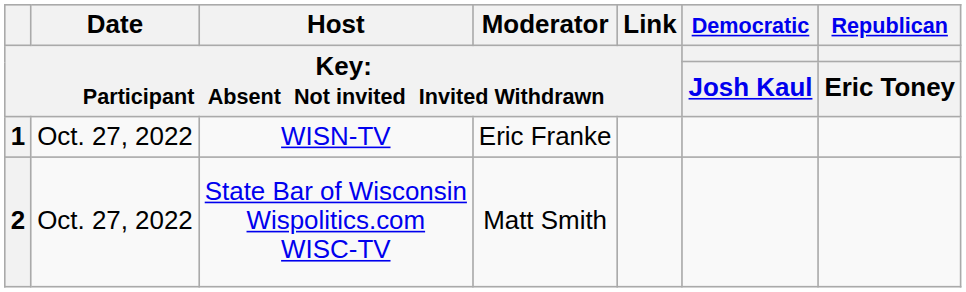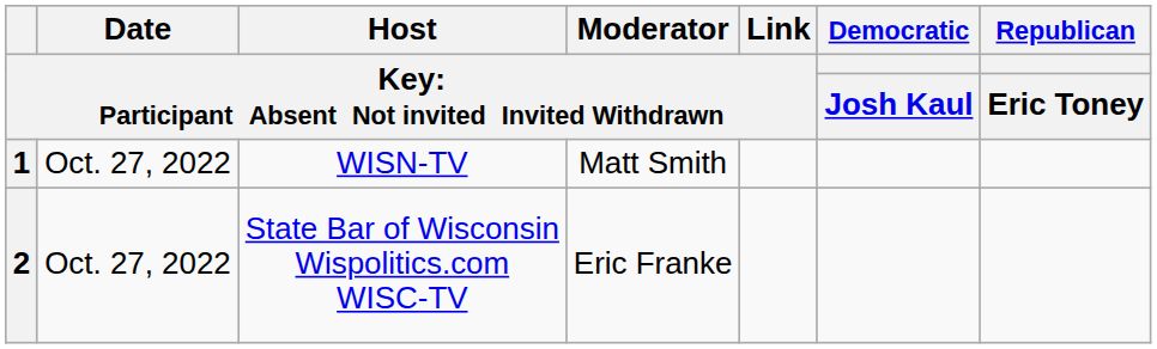 <table class="wikitable" style="text-align:center;">
 <tr>
 <th scope="col"></th>
 <th scope="col">Date</th>
 <th scope="col">Host</th>
 <th scope="col">Moderator</th>
 <th scope="col">Link</th>
 <th scope="col"><small><a href='#'>Democratic</a></small></th>
 <th scope="col"><small><a href='#'>Republican</a></small></th>
 </tr>
 <tr>
 <th colspan="5" rowspan="2">Key:<br> <small>Participant </small>  <small>Absent </small>  <small>Not invited </small>  <small>Invited  Withdrawn</small></th>
 <th scope="col" style="background:"></th>
 <th scope="col" style="background:"></th>
 </tr>
 <tr>
 <th scope="col"><a href='#'>Josh Kaul</a></th>
 <th scope="col">Eric Toney</th>
 </tr>
 <tr>
 <th>1</th>
 <td style="white-space:nowrap;">Oct. 27, 2022</td>
 <td style="white-space:nowrap;"><a href='#'>WISN-TV</a></td>
-<td style="white-space:nowrap;">Eric Franke</td>
+<td style="white-space:nowrap;">Matt Smith</td>
 <td style="white-space:nowrap;"></td>
 <td></td>
 <td></td>
 </tr>
 <tr>
 <th>2</th>
 <td style="white-space:nowrap;">Oct. 27, 2022</td>
 <td style="white-space:nowrap;"><a href='#'>State Bar of Wisconsin</a><br><a href='#'>Wispolitics.com</a><br><a href='#'>WISC-TV</a></td>
-<td style="white-space:nowrap;">Matt Smith</td>
+<td style="white-space:nowrap;">Eric Franke</td>
 <td style="white-space:nowrap;"><br><br><br><br></td>
 <td></td>
 <td></td>
 </tr>
 </table>
